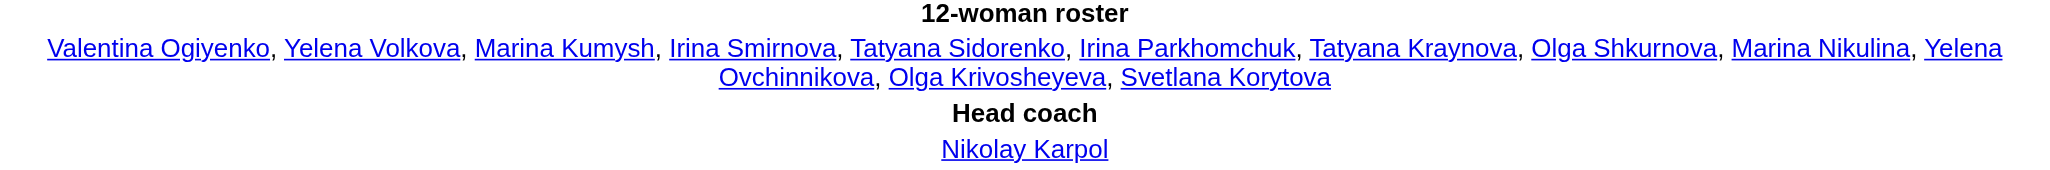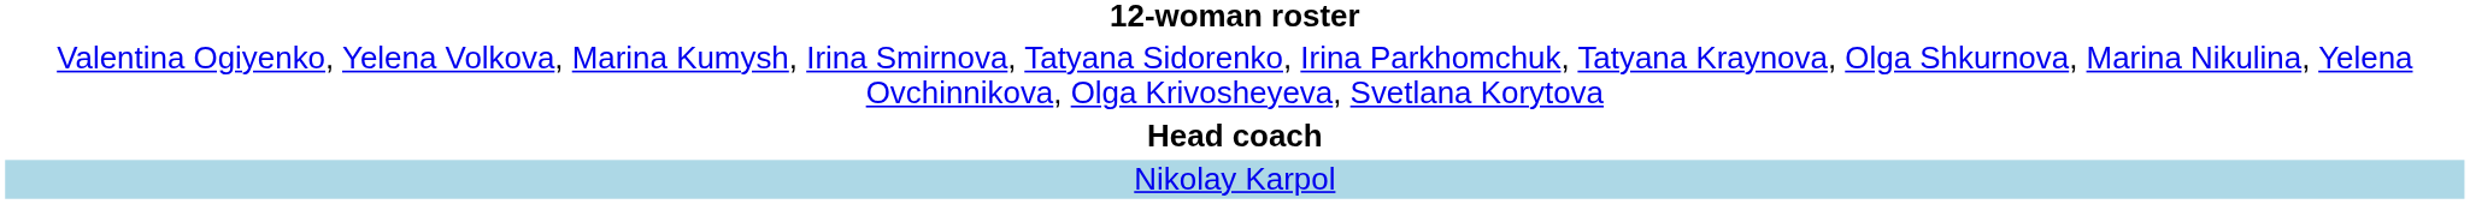 <table style="text-align:center; margin-top:2em; margin-left:auto; margin-right:auto">
 <tr>
 <td><strong>12-woman roster</strong></td>
 </tr>
 <tr>
 <td><a href='#'>Valentina Ogiyenko</a>, <a href='#'>Yelena Volkova</a>, <a href='#'>Marina Kumysh</a>, <a href='#'>Irina Smirnova</a>, <a href='#'>Tatyana Sidorenko</a>, <a href='#'>Irina Parkhomchuk</a>, <a href='#'>Tatyana Kraynova</a>, <a href='#'>Olga Shkurnova</a>, <a href='#'>Marina Nikulina</a>, <a href='#'>Yelena Ovchinnikova</a>, <a href='#'>Olga Krivosheyeva</a>, <a href='#'>Svetlana Korytova</a></td>
 </tr>
 <tr>
 <td><strong>Head coach</strong></td>
 </tr>
 <tr>
-<td><a href='#'>Nikolay Karpol</a></td>
+<td style="background: lightblue;"><a href='#'>Nikolay Karpol</a></td>
 </tr>
 </table>
